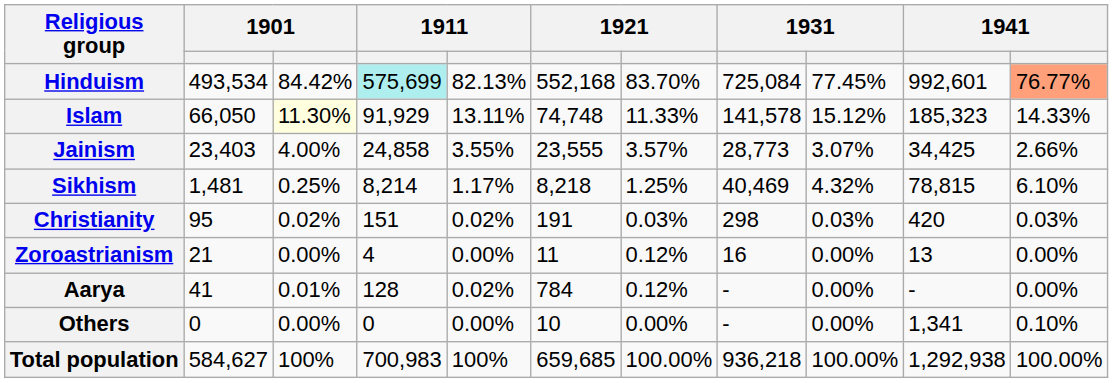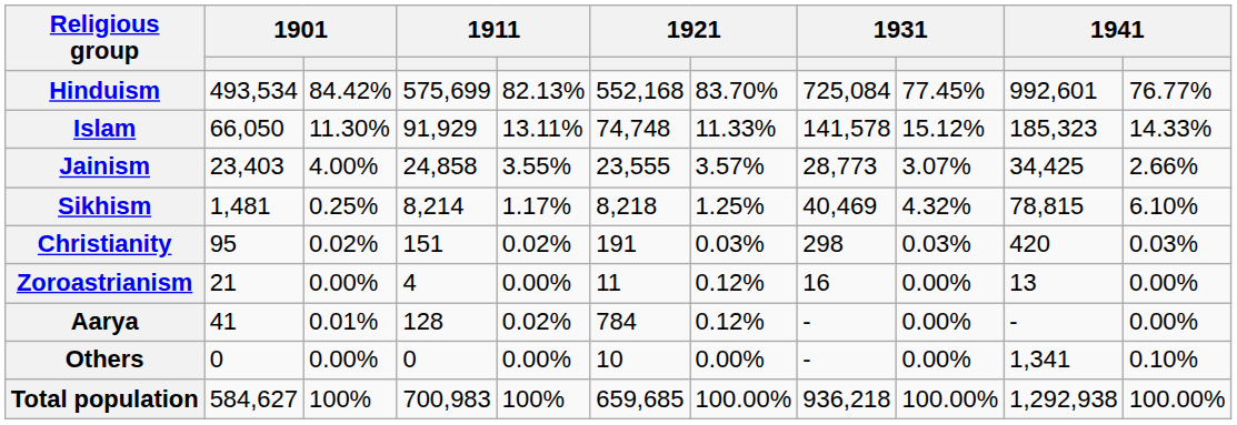 <table class="wikitable collapsible sortable">
 <tr>
 <th rowspan="2"><a href='#'>Religious</a><br>group</th>
 <th colspan="2">1901</th>
 <th colspan="2">1911</th>
 <th colspan="2">1921</th>
 <th colspan="2">1931</th>
 <th colspan="2">1941</th>
 </tr>
 <tr>
 <th></th>
 <th></th>
 <th></th>
 <th></th>
 <th></th>
 <th></th>
 <th></th>
 <th></th>
 <th></th>
 <th></th>
 </tr>
 <tr>
 <th><a href='#'>Hinduism</a> </th>
 <td>493,534</td>
 <td>84.42%</td>
-<td style="background: paleturquoise;">575,699</td>
+<td>575,699</td>
 <td>82.13%</td>
 <td>552,168</td>
 <td>83.70%</td>
 <td>725,084</td>
 <td>77.45%</td>
 <td>992,601</td>
-<td style="background: lightsalmon;">76.77%</td>
+<td>76.77%</td>
 </tr>
 <tr>
 <th><a href='#'>Islam</a> </th>
 <td>66,050</td>
-<td style="background: lightyellow;">11.30%</td>
+<td>11.30%</td>
 <td>91,929</td>
 <td>13.11%</td>
 <td>74,748</td>
 <td>11.33%</td>
 <td>141,578</td>
 <td>15.12%</td>
 <td>185,323</td>
 <td>14.33%</td>
 </tr>
 <tr>
 <th><a href='#'>Jainism</a> </th>
 <td>23,403</td>
 <td>4.00%</td>
 <td>24,858</td>
 <td>3.55%</td>
 <td>23,555</td>
 <td>3.57%</td>
 <td>28,773</td>
 <td>3.07%</td>
 <td>34,425</td>
 <td>2.66%</td>
 </tr>
 <tr>
 <th><a href='#'>Sikhism</a> </th>
 <td>1,481</td>
 <td>0.25%</td>
 <td>8,214</td>
 <td>1.17%</td>
 <td>8,218</td>
 <td>1.25%</td>
 <td>40,469</td>
 <td>4.32%</td>
 <td>78,815</td>
 <td>6.10%</td>
 </tr>
 <tr>
 <th><a href='#'>Christianity</a> </th>
 <td>95</td>
 <td>0.02%</td>
 <td>151</td>
 <td>0.02%</td>
 <td>191</td>
 <td>0.03%</td>
 <td>298</td>
 <td>0.03%</td>
 <td>420</td>
 <td>0.03%</td>
 </tr>
 <tr>
 <th><a href='#'>Zoroastrianism</a> </th>
 <td>21</td>
 <td>0.00%</td>
 <td>4</td>
 <td>0.00%</td>
 <td>11</td>
 <td>0.12%</td>
 <td>16</td>
 <td>0.00%</td>
 <td>13</td>
 <td>0.00%</td>
 </tr>
 <tr>
 <th>Aarya</th>
 <td>41</td>
 <td>0.01%</td>
 <td>128</td>
 <td>0.02%</td>
 <td>784</td>
 <td>0.12%</td>
 <td>-  </td>
 <td>0.00%</td>
 <td>-  </td>
 <td>0.00%</td>
 </tr>
 <tr>
 <th>Others</th>
 <td>0</td>
 <td>0.00%</td>
 <td>0</td>
 <td>0.00%</td>
 <td>10</td>
 <td>0.00%</td>
 <td>-  </td>
 <td>0.00%</td>
 <td>1,341</td>
 <td>0.10%</td>
 </tr>
 <tr>
 <th>Total population</th>
 <td>584,627</td>
 <td>100%</td>
 <td>700,983</td>
 <td>100%</td>
 <td>659,685</td>
 <td>100.00%</td>
 <td>936,218</td>
 <td>100.00%</td>
 <td>1,292,938</td>
 <td>100.00%</td>
 </tr>
 </table>
